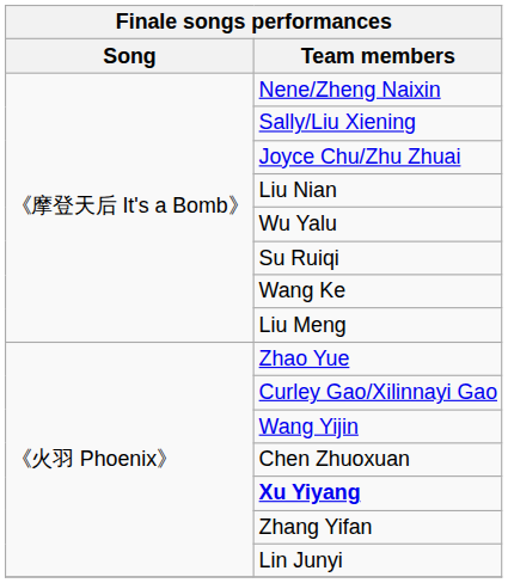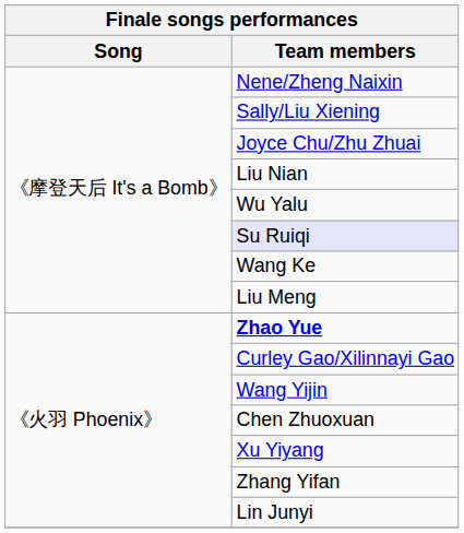 <table class="wikitable sortable">
 <tr>
 <th colspan="2">Finale songs performances</th>
 </tr>
 <tr>
 <th>Song</th>
 <th>Team members</th>
 </tr>
 <tr>
 <td rowspan="8">《摩登天后 It's a Bomb》</td>
 <td><a href='#'>Nene/Zheng Naixin</a></td>
 </tr>
 <tr>
 <td><a href='#'>Sally/Liu Xiening</a></td>
 </tr>
 <tr>
 <td><a href='#'>Joyce Chu/Zhu Zhuai</a></td>
 </tr>
 <tr>
 <td>Liu Nian</td>
 </tr>
 <tr>
 <td>Wu Yalu</td>
 </tr>
 <tr>
-<td>Su Ruiqi</td>
+<td style="background: lavender;">Su Ruiqi</td>
 </tr>
 <tr>
 <td>Wang Ke</td>
 </tr>
 <tr>
 <td>Liu Meng</td>
 </tr>
 <tr>
 <td rowspan="7">《火羽 Phoenix》</td>
-<td><a href='#'>Zhao Yue</a></td>
+<td><strong><a href='#'>Zhao Yue</a></strong></td>
 </tr>
 <tr>
 <td><a href='#'>Curley Gao/Xilinnayi Gao</a></td>
 </tr>
 <tr>
 <td><a href='#'>Wang Yijin</a></td>
 </tr>
 <tr>
 <td>Chen Zhuoxuan</td>
 </tr>
 <tr>
-<td><strong><a href='#'>Xu Yiyang</a></strong></td>
+<td><a href='#'>Xu Yiyang</a></td>
 </tr>
 <tr>
 <td>Zhang Yifan</td>
 </tr>
 <tr>
 <td>Lin Junyi</td>
 </tr>
 <tr>
 </tr>
 </table>
